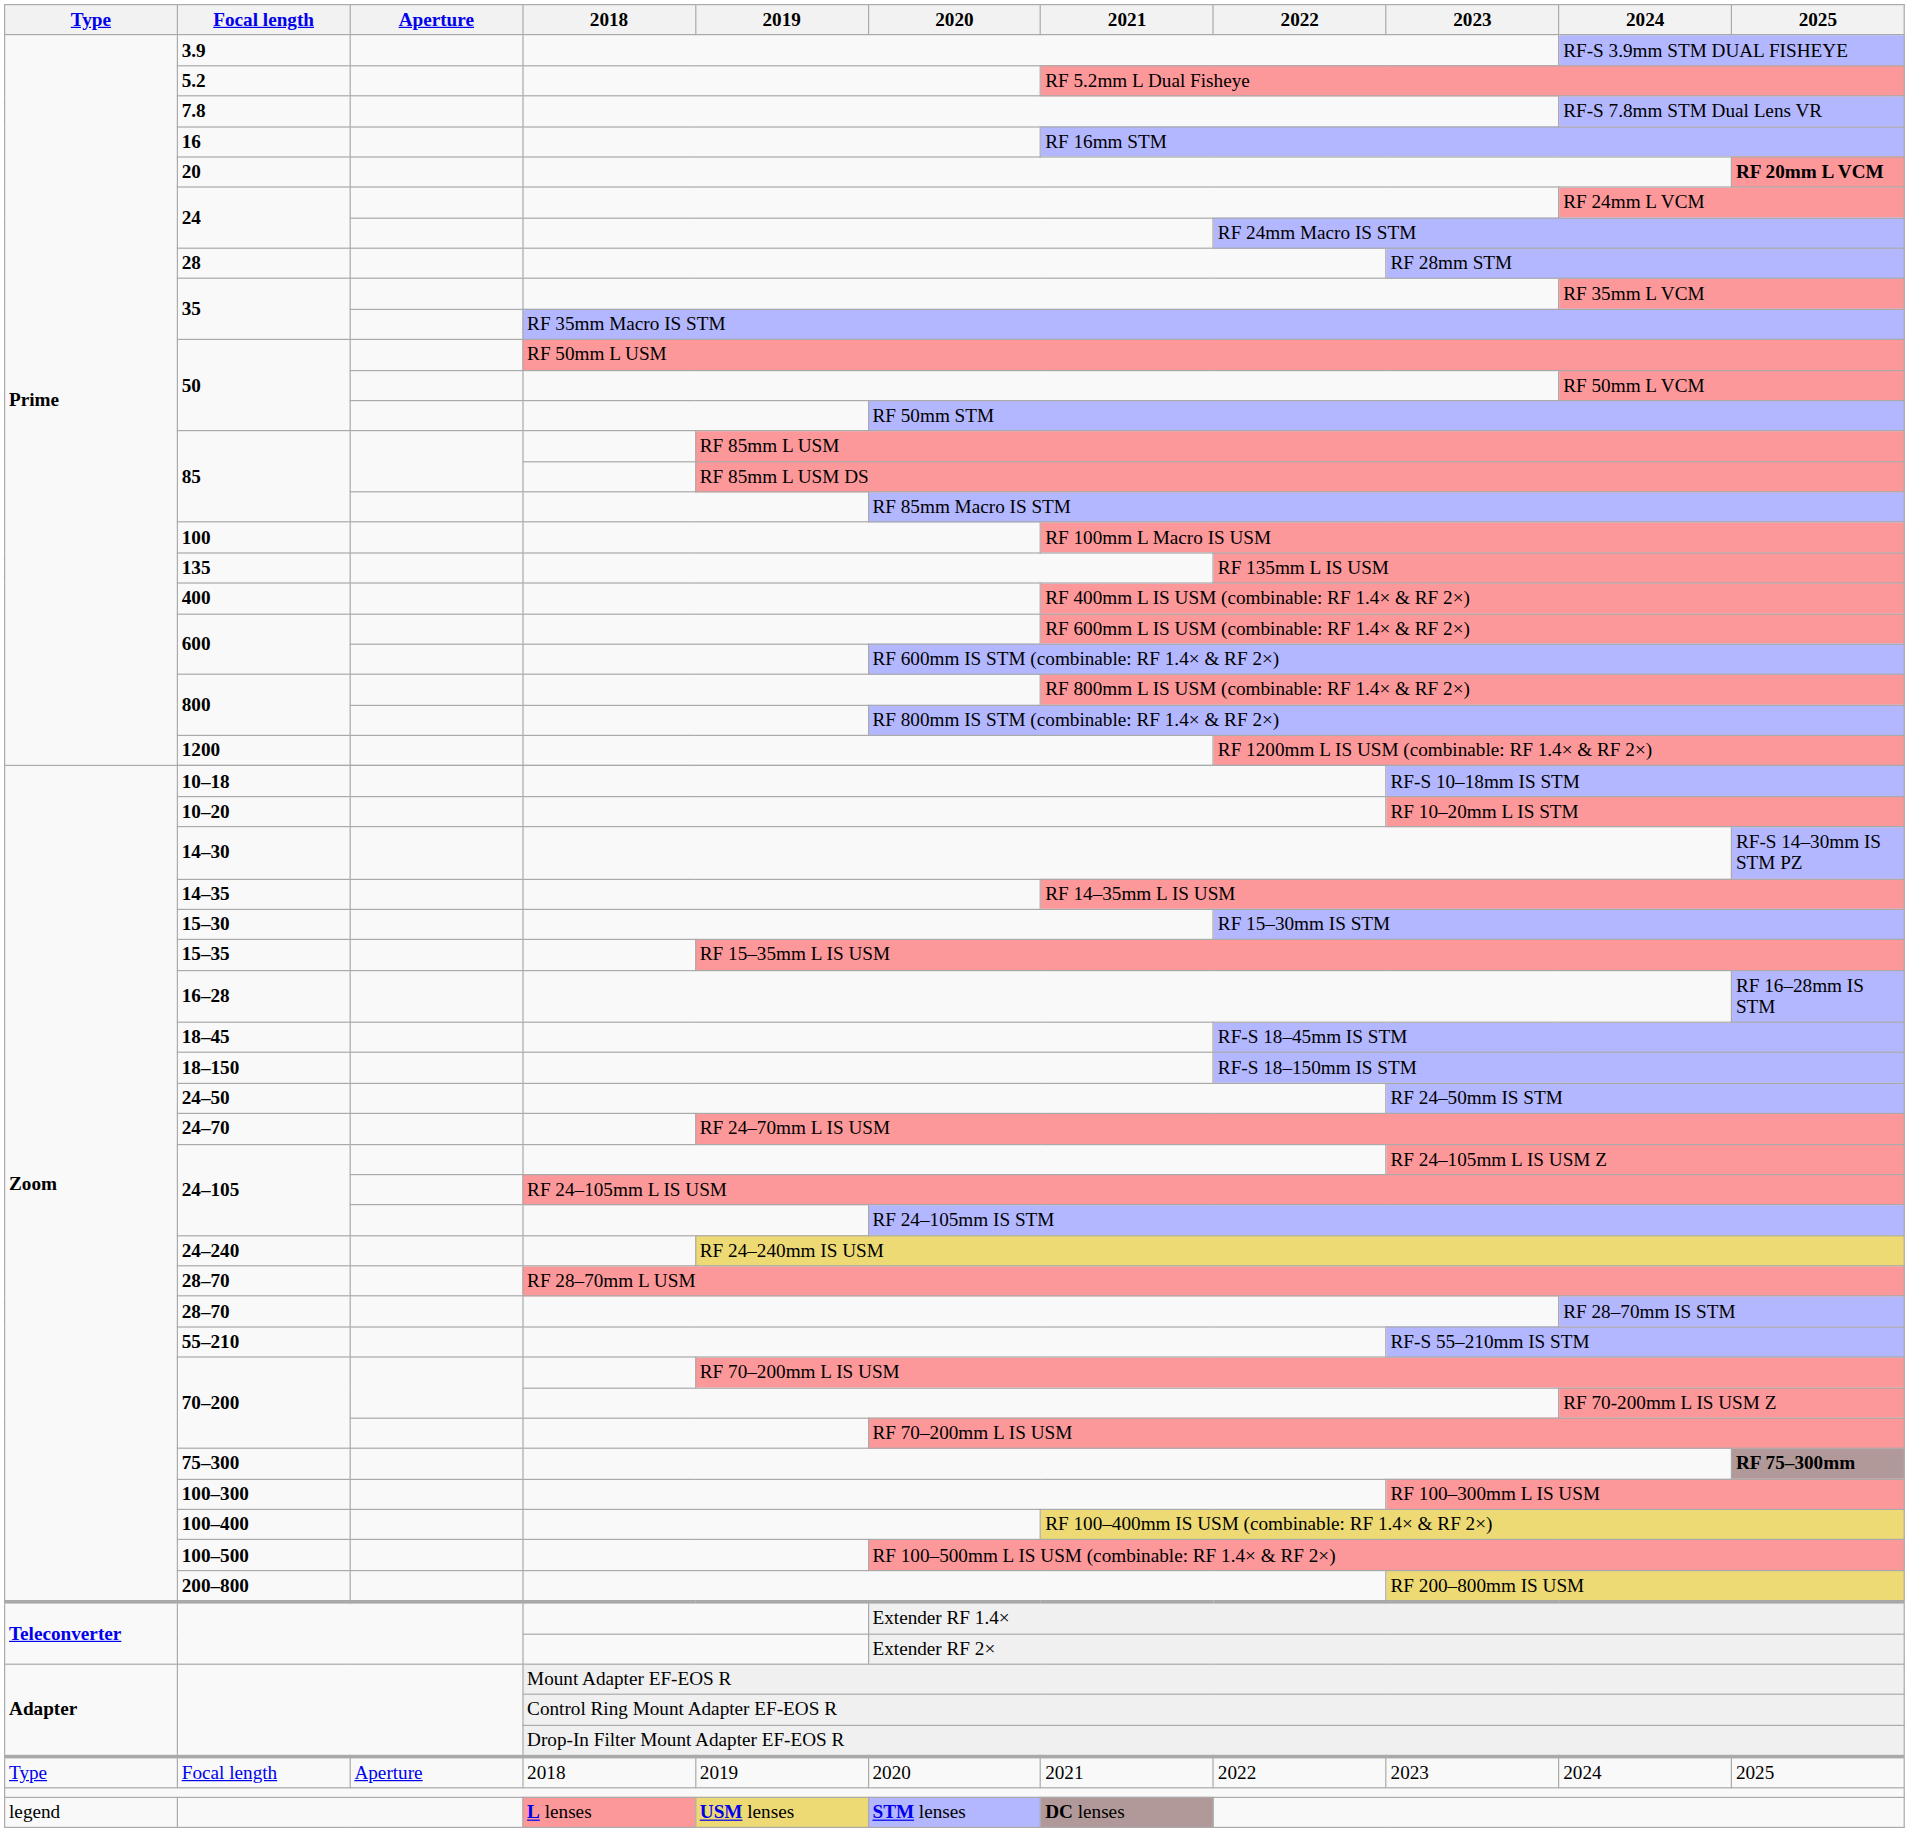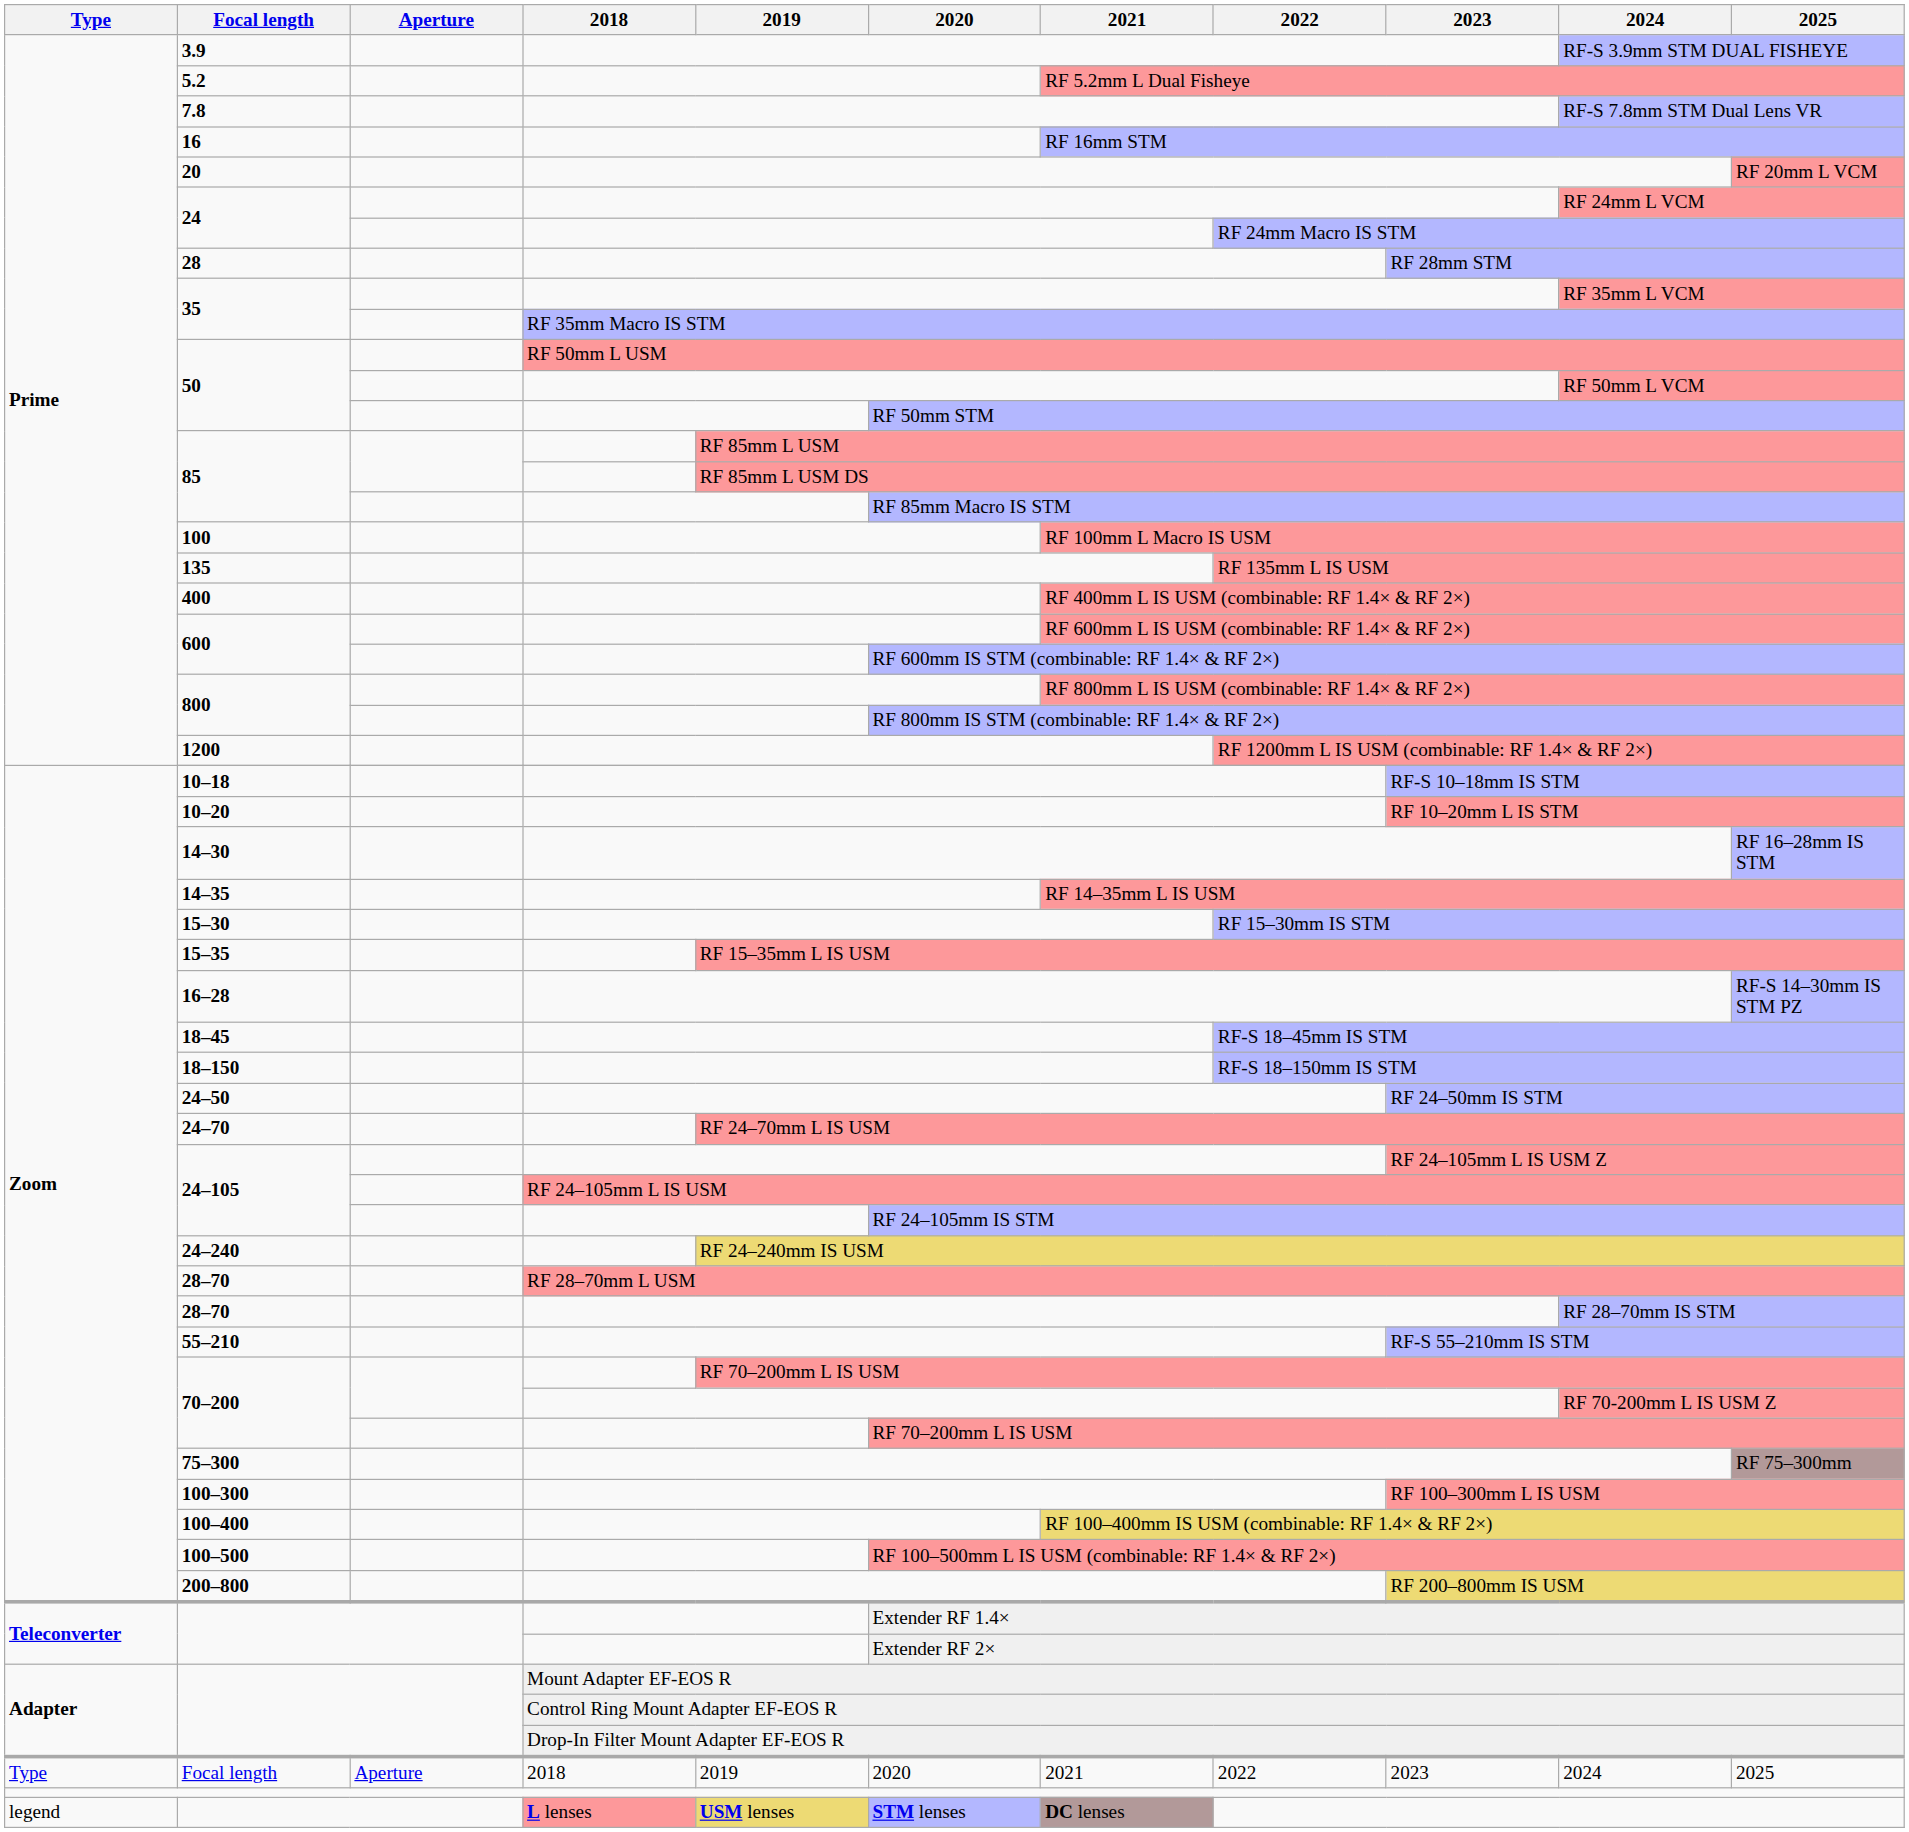 <table style="width:100%; table-layout:fixed; margin:2px 0 0 0" class="wikitable wraplinks">
 <tr>
 <th scope="col" style="max-width:6em;"><a href='#'>Type</a></th>
 <th scope="col" style="max-width:6em;"><a href='#'>Focal length</a></th>
 <th scope="col" style="max-width:4em;"><a href='#'>Aperture</a></th>
 <th scope="col">2018</th>
 <th scope="col">2019</th>
 <th scope="col">2020</th>
 <th scope="col">2021</th>
 <th scope="col">2022</th>
 <th scope="col">2023</th>
 <th scope="col">2024</th>
 <th scope="col">2025</th>
 </tr>
 <tr>
 <td rowspan="24"><strong>Prime</strong></td>
 <td><strong>3.9</strong></td>
 <td><strong></strong></td>
 <td colspan="6"></td>
 <td colspan="2" style="background:#B3B7FF">RF-S 3.9mm  STM DUAL FISHEYE</td>
 </tr>
 <tr>
 <td><strong>5.2</strong></td>
 <td><strong></strong></td>
 <td colspan="3"></td>
 <td colspan="5" style="background:#FD989A">RF 5.2mm  L Dual Fisheye</td>
 </tr>
 <tr>
 <td><strong>7.8</strong></td>
 <td><strong></strong></td>
 <td colspan="6"></td>
 <td colspan="2" style="background:#B3B7FF">RF-S 7.8mm  STM Dual Lens VR</td>
 </tr>
 <tr>
 <td><strong>16</strong></td>
 <td><strong></strong></td>
 <td colspan="3"></td>
 <td colspan="5" style="background:#B3B7FF">RF 16mm  STM</td>
 </tr>
 <tr>
 <td><strong>20</strong></td>
 <td><strong></strong></td>
 <td colspan="7"></td>
-<td colspan="1" style="background:#FD989A"><strong>RF 20mm  L VCM</strong></td>
+<td colspan="1" style="background:#FD989A">RF 20mm  L VCM</td>
 </tr>
 <tr>
 <td rowspan="2"><strong>24</strong></td>
 <td><strong></strong></td>
 <td colspan="6"></td>
 <td colspan="2" style="background:#FD989A">RF 24mm  L VCM</td>
 </tr>
 <tr>
 <td><strong></strong></td>
 <td colspan="4"></td>
 <td colspan="4" style="background:#B3B7FF">RF 24mm  Macro IS STM</td>
 </tr>
 <tr>
 <td><strong>28</strong></td>
 <td><strong></strong></td>
 <td colspan="5"></td>
 <td colspan="3" style="background:#B3B7FF">RF 28mm  STM</td>
 </tr>
 <tr>
 <td rowspan="2"><strong>35</strong></td>
 <td><strong></strong></td>
 <td colspan="6"></td>
 <td colspan="2" style="background:#FD989A">RF 35mm  L VCM</td>
 </tr>
 <tr>
 <td><strong></strong></td>
 <td colspan="8" style="background:#B3B7FF">RF 35mm  Macro IS STM</td>
 </tr>
 <tr>
 <td rowspan="3"><strong>50</strong></td>
 <td><strong></strong></td>
 <td colspan="8" style="background:#FD989A">RF 50mm  L USM</td>
 </tr>
 <tr>
 <td><strong></strong></td>
 <td colspan="6"></td>
 <td colspan="2" style="background:#FD989A">RF 50mm   L VCM</td>
 </tr>
 <tr>
 <td><strong></strong></td>
 <td colspan="2"></td>
 <td colspan="6" style="background:#B3B7FF">RF 50mm  STM</td>
 </tr>
 <tr>
 <td rowspan="3"><strong>85</strong></td>
 <td rowspan="2"><strong></strong></td>
 <td></td>
 <td colspan="7" style="background:#FD989A">RF 85mm  L USM</td>
 </tr>
 <tr>
 <td></td>
 <td colspan="7" style="background:#FD989A">RF 85mm  L USM DS</td>
 </tr>
 <tr>
 <td><strong></strong></td>
 <td colspan="2"></td>
 <td colspan="6" style="background:#B3B7FF">RF 85mm  Macro IS STM</td>
 </tr>
 <tr>
 <td><strong>100</strong></td>
 <td><strong></strong></td>
 <td colspan="3"></td>
 <td colspan="5" style="background:#FD989A">RF 100mm  L Macro IS USM</td>
 </tr>
 <tr>
 <td><strong>135</strong></td>
 <td><strong></strong></td>
 <td colspan="4"></td>
 <td colspan="4" style="background:#FD989A">RF 135mm  L IS USM</td>
 </tr>
 <tr>
 <td><strong>400</strong></td>
 <td><strong></strong></td>
 <td colspan="3"></td>
 <td colspan="5" style="background:#FD989A">RF 400mm  L IS USM (combinable: RF 1.4× & RF 2×)</td>
 </tr>
 <tr>
 <td rowspan="2"><strong>600</strong></td>
 <td><strong></strong></td>
 <td colspan="3"></td>
 <td colspan="5" style="background:#FD989A">RF 600mm  L IS USM (combinable: RF 1.4× & RF 2×)</td>
 </tr>
 <tr>
 <td><strong></strong></td>
 <td colspan="2"></td>
 <td colspan="6" style="background:#B3B7FF">RF 600mm  IS STM (combinable: RF 1.4× & RF 2×)</td>
 </tr>
 <tr>
 <td rowspan="2"><strong>800</strong></td>
 <td><strong></strong></td>
 <td colspan="3"></td>
 <td colspan="5" style="background:#FD989A">RF 800mm  L IS USM  (combinable: RF 1.4× & RF 2×)</td>
 </tr>
 <tr>
 <td><strong></strong></td>
 <td colspan="2"></td>
 <td colspan="6" style="background:#B3B7FF">RF 800mm  IS STM  (combinable: RF 1.4× & RF 2×)</td>
 </tr>
 <tr>
 <td><strong>1200</strong></td>
 <td><strong></strong></td>
 <td colspan="4"></td>
 <td colspan="4" style="background:#FD989A">RF 1200mm  L IS USM  (combinable: RF 1.4× & RF 2×)</td>
 </tr>
 <tr>
 <td rowspan="27"><strong>Zoom</strong></td>
 </tr>
 <tr>
 <td><strong>10–18</strong></td>
 <td><strong></strong></td>
 <td colspan="5"></td>
 <td colspan="3" style="background:#B3B7FF">RF-S 10–18mm  IS STM</td>
 </tr>
 <tr>
 <td><strong>10–20</strong></td>
 <td><strong></strong></td>
 <td colspan="5"></td>
 <td colspan="3" style="background:#FD989A">RF 10–20mm  L IS STM</td>
 </tr>
 <tr>
 <td><strong>14–30</strong></td>
 <td><strong></strong></td>
 <td colspan="7"></td>
-<td colspan="1" style="background:#B3B7FF">RF-S 14–30mm  IS STM PZ</td>
+<td colspan="1" style="background:#B3B7FF">RF 16–28mm  IS STM</td>
 </tr>
 <tr>
 <td><strong>14–35</strong></td>
 <td><strong></strong></td>
 <td colspan="3"></td>
 <td colspan="5" style="background:#FD989A">RF 14–35mm  L IS USM</td>
 </tr>
 <tr>
 <td><strong>15–30</strong></td>
 <td><strong></strong></td>
 <td colspan="4"></td>
 <td colspan="4" style="background:#B3B7FF">RF 15–30mm  IS STM</td>
 </tr>
 <tr>
 <td><strong>15–35</strong></td>
 <td><strong></strong></td>
 <td></td>
 <td colspan="7" style="background:#FD989A">RF 15–35mm  L IS USM</td>
 </tr>
 <tr>
 <td><strong>16–28</strong></td>
 <td><strong></strong></td>
 <td colspan="7"></td>
-<td colspan="1" style="background:#B3B7FF">RF 16–28mm  IS STM</td>
+<td colspan="1" style="background:#B3B7FF">RF-S 14–30mm  IS STM PZ</td>
 </tr>
 <tr>
 <td><strong>18–45</strong></td>
 <td><strong></strong></td>
 <td colspan="4"></td>
 <td colspan="4" style="background:#B3B7FF">RF-S 18–45mm  IS STM</td>
 </tr>
 <tr>
 <td><strong>18–150</strong></td>
 <td><strong></strong></td>
 <td colspan="4"></td>
 <td colspan="4" style="background:#B3B7FF">RF-S 18–150mm  IS STM</td>
 </tr>
 <tr>
 <td><strong>24–50</strong></td>
 <td><strong></strong></td>
 <td colspan="5"></td>
 <td colspan="3" style="background:#B3B7FF">RF 24–50mm  IS STM</td>
 </tr>
 <tr>
 <td><strong>24–70</strong></td>
 <td><strong></strong></td>
 <td></td>
 <td colspan="7" style="background:#FD989A">RF 24–70mm  L IS USM</td>
 </tr>
 <tr>
 <td colspan="1" rowspan="3"><strong>24–105</strong></td>
 <td><strong></strong></td>
 <td colspan="5"></td>
 <td colspan="3" style="background:#FD989A">RF 24–105mm  L IS USM Z</td>
 </tr>
 <tr>
 <td><strong></strong></td>
 <td colspan="8" style="background:#FD989A">RF 24–105mm  L IS USM</td>
 </tr>
 <tr>
 <td><strong></strong></td>
 <td colspan="2"></td>
 <td colspan="6" style="background:#B3B7FF">RF 24–105mm  IS STM</td>
 </tr>
 <tr>
 <td><strong>24–240</strong></td>
 <td><strong></strong></td>
 <td></td>
 <td colspan="7" style="background:#EDDA74">RF 24–240mm  IS USM</td>
 </tr>
 <tr>
 <td><strong>28–70</strong></td>
 <td><strong></strong></td>
 <td colspan="8" style="background:#FD989A">RF 28–70mm  L USM</td>
 </tr>
 <tr>
 <td><strong>28–70</strong></td>
 <td><strong></strong></td>
 <td colspan="6"></td>
 <td colspan="2" style="background:#B3B7FF">RF 28–70mm  IS STM</td>
 </tr>
 <tr>
 <td><strong>55–210</strong></td>
 <td><strong></strong></td>
 <td colspan="5"></td>
 <td colspan="3" style="background:#B3B7FF">RF-S 55–210mm  IS STM</td>
 </tr>
 <tr>
 <td colspan="1" rowspan="3"><strong>70–200</strong></td>
 <td rowspan="2"><strong></strong></td>
 <td colspan="1"></td>
 <td colspan="7" style="background:#FD989A">RF 70–200mm  L IS USM</td>
 </tr>
 <tr>
 <td colspan="6"></td>
 <td colspan="2" style="background:#FD989A">RF 70-200mm  L IS USM Z<em></td>
 </tr>
 <tr>
 <td><strong></strong></td>
 <td colspan="2"></td>
 <td colspan="6" style="background:#FD989A">RF 70–200mm  L IS USM</td>
 </tr>
 <tr>
 <td><strong>75–300</strong></td>
 <td><strong></strong></td>
 <td colspan="7"></td>
-<td colspan="1" style="background:#b29999"><strong>RF 75–300mm </strong></td>
+<td colspan="1" style="background:#b29999">RF 75–300mm </td>
 </tr>
 <tr>
 <td><strong>100–300</strong></td>
 <td><strong></strong></td>
 <td colspan="5"></td>
 <td colspan="3" style="background:#FD989A">RF 100–300mm  L IS USM</td>
 </tr>
 <tr>
 <td><strong>100–400</strong></td>
 <td><strong></strong></td>
 <td colspan="3"></td>
 <td colspan="5" style="background:#EDDA74">RF 100–400mm  IS USM  (combinable: RF 1.4× & RF 2×)</td>
 </tr>
 <tr>
 <td><strong>100–500</strong></td>
 <td><strong></strong></td>
 <td colspan="2"></td>
 <td colspan="6" style="background:#FD989A">RF 100–500mm  L IS USM (combinable: RF 1.4× & RF 2×)</td>
 </tr>
 <tr>
 <td><strong>200–800</strong></td>
 <td><strong></strong></td>
 <td colspan="5"></td>
 <td colspan="3" style="background:#EDDA74">RF 200–800mm  IS USM</td>
 </tr>
 <tr style="border-top:solid darkgrey">
 <td rowspan="2" colspan="1"><strong><a href='#'>Teleconverter</a></strong></td>
 <td rowspan="2" colspan="2"></td>
 <td colspan="2"></td>
 <td colspan="6" style="background:#f0f0f0">Extender RF 1.4×</td>
 </tr>
 <tr>
 <td colspan="2"></td>
 <td colspan="6" style="background:#f0f0f0">Extender RF 2×</td>
 </tr>
 <tr>
 <td rowspan="3" colspan="1"><strong>Adapter</strong></td>
 <td rowspan="3" colspan="2"></td>
 <td colspan="8" style="background:#f0f0f0">Mount Adapter EF-EOS R</td>
 </tr>
 <tr>
 <td colspan="8" style="background:#f0f0f0">Control Ring Mount Adapter EF-EOS R</td>
 </tr>
 <tr>
 <td colspan="8" style="background:#f0f0f0">Drop-In Filter Mount Adapter EF-EOS R</td>
 </tr>
 <tr style="border-top:solid darkgrey">
 <td rowspan="1" style="width:6em;"><a href='#'>Type</a></td>
 <td style="width:6em;"><a href='#'>Focal length</a></td>
 <td style="width:4em;"><a href='#'>Aperture</a></td>
 <td>2018</td>
 <td>2019</td>
 <td>2020</td>
 <td>2021</td>
 <td>2022</td>
 <td>2023</td>
 <td>2024</td>
 <td>2025</td>
 </tr>
 <tr>
 <td colspan="11"></td>
 </tr>
 <tr>
 <td>legend</td>
 <td colspan="2"></td>
 <td style="background:#FD989A"><strong><a href='#'>L</a></strong> lenses</td>
 <td style="background:#EDDA74"><strong><a href='#'>USM</a></strong> lenses</td>
 <td style="background:#B3B7FF"><strong><a href='#'>STM</a></strong> lenses</td>
 <td style="background:#b29999"><strong>DC</strong> lenses</td>
 <td colspan="4"></td>
 </tr>
 </table>
